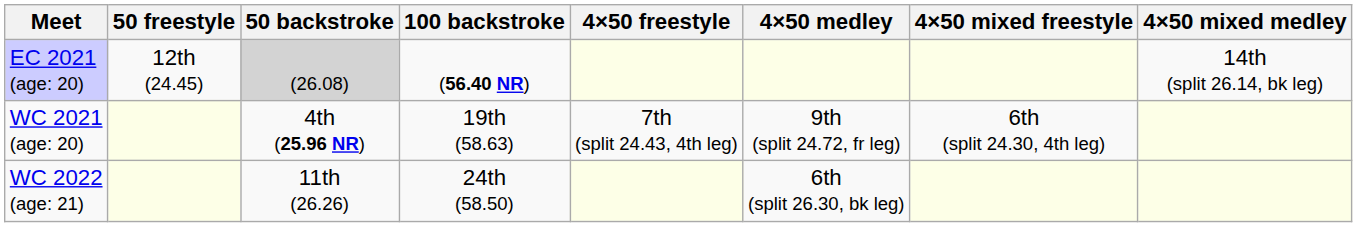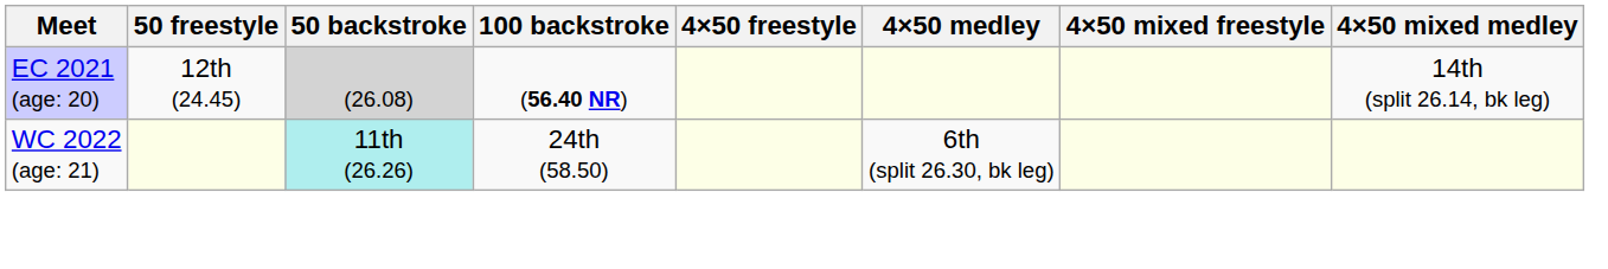 <table class="sortable wikitable">
 <tr>
 <th>Meet</th>
 <th class="unsortable">50 freestyle</th>
 <th class="unsortable">50 backstroke</th>
 <th class="unsortable">100 backstroke</th>
 <th class="unsortable">4×50 freestyle</th>
 <th class="unsortable">4×50 medley</th>
 <th class="unsortable">4×50 mixed freestyle</th>
 <th class="unsortable">4×50 mixed medley</th>
 </tr>
 <tr>
 <td style="background:#ccccff"><a href='#'>EC 2021</a><br><small>(age: 20)</small></td>
 <td align="center">12th<br><small>(24.45)</small></td>
 <td align="center" style="background: lightgrey;"><br><small>(26.08)</small></td>
 <td align="center"><br><small>(<strong>56.40 <a href='#'>NR</a></strong>)</small></td>
 <td style="background:#fdffe7"></td>
 <td style="background:#fdffe7"></td>
 <td style="background:#fdffe7"></td>
 <td align="center">14th<br><small>(split 26.14, bk leg)</small></td>
 </tr>
 <tr>
-<td><a href='#'>WC 2021</a><br><small>(age: 20)</small></td>
-<td style="background:#fdffe7"></td>
-<td align="center">4th<br><small>(<strong>25.96 <a href='#'>NR</a></strong>)</small></td>
-<td align="center">19th<br><small>(58.63)</small></td>
-<td align="center">7th<br><small>(split 24.43, 4th leg)</small></td>
-<td align="center">9th<br><small>(split 24.72, fr leg)</small></td>
-<td align="center">6th<br><small>(split 24.30, 4th leg)</small></td>
-<td style="background:#fdffe7"></td>
-</tr>
-<tr>
 <td><a href='#'>WC 2022</a><br><small>(age: 21)</small></td>
 <td style="background:#fdffe7"></td>
-<td align="center">11th<br><small>(26.26)</small></td>
+<td align="center" style="background: paleturquoise;">11th<br><small>(26.26)</small></td>
 <td align="center">24th<br><small>(58.50)</small></td>
 <td style="background:#fdffe7"></td>
 <td align="center">6th<br><small>(split 26.30, bk leg)</small></td>
 <td style="background:#fdffe7"></td>
 <td style="background:#fdffe7"></td>
 </tr>
 </table>
